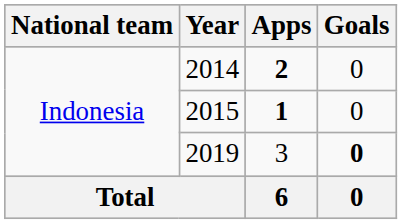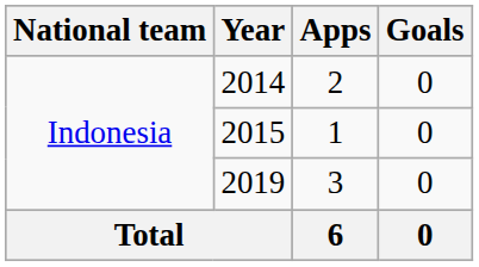 <table class=wikitable style=text-align:center>
 <tr>
 <th>National team</th>
 <th>Year</th>
 <th>Apps</th>
 <th>Goals</th>
 </tr>
 <tr>
 <td rowspan="3"><a href='#'>Indonesia</a></td>
 <td>2014</td>
-<td><strong>2</strong></td>
+<td>2</td>
 <td>0</td>
 </tr>
 <tr>
 <td>2015</td>
-<td><strong>1</strong></td>
+<td>1</td>
 <td>0</td>
 </tr>
 <tr>
 <td>2019</td>
 <td>3</td>
-<td><strong>0</strong></td>
+<td>0</td>
 </tr>
 <tr>
 <th colspan=2>Total</th>
 <th>6</th>
 <th>0</th>
 </tr>
 </table>
